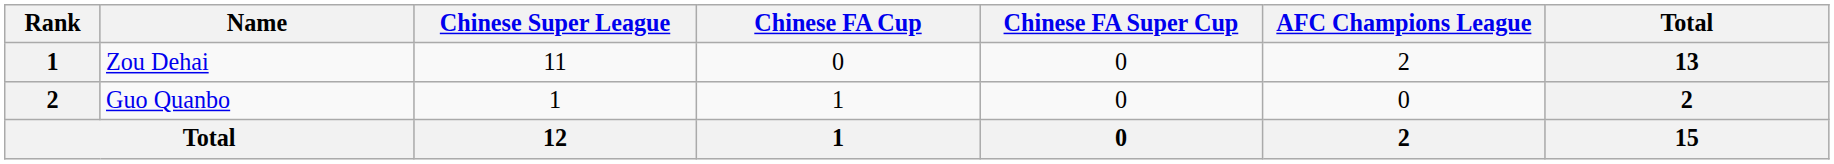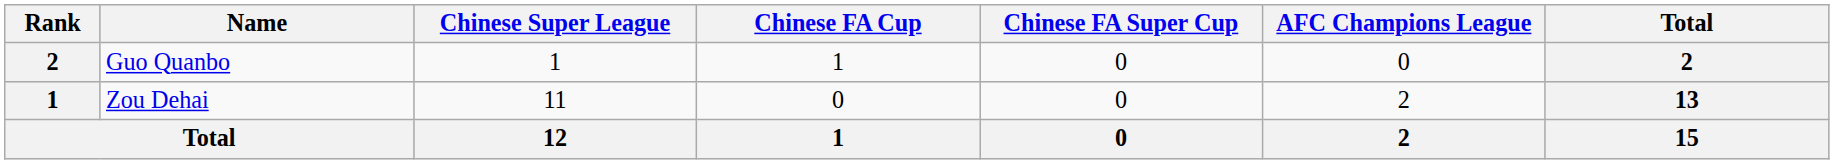 <table class="wikitable" style="text-align: center;">
 <tr>
 <th style="width:56px;">Rank</th>
 <th style="width:200px;">Name</th>
 <th style="width:180px;"><a href='#'>Chinese Super League</a></th>
 <th style="width:180px;"><a href='#'>Chinese FA Cup</a></th>
 <th style="width:180px;"><a href='#'>Chinese FA Super Cup</a></th>
 <th style="width:180px;"><a href='#'>AFC Champions League</a></th>
 <th style="width:180px;"><strong>Total</strong></th>
 </tr>
 <tr>
+<th rowspan="1">2</th>
+<td align=left> <a href='#'>Guo Quanbo</a></td>
+<td>1</td>
+<td>1</td>
+<td>0</td>
+<td>0</td>
+<th>2</th>
+</tr>
+<tr>
 <th rowspan="1">1</th>
 <td align=left> <a href='#'>Zou Dehai</a></td>
 <td>11</td>
 <td>0</td>
 <td>0</td>
 <td>2</td>
 <th>13</th>
-</tr>
-<tr>
-<th rowspan="1">2</th>
-<td align=left> <a href='#'>Guo Quanbo</a></td>
-<td>1</td>
-<td>1</td>
-<td>0</td>
-<td>0</td>
-<th>2</th>
 </tr>
 <tr>
 <th colspan="2"><strong>Total</strong></th>
 <th>12</th>
 <th>1</th>
 <th>0</th>
 <th>2</th>
 <th>15</th>
 </tr>
 </table>
